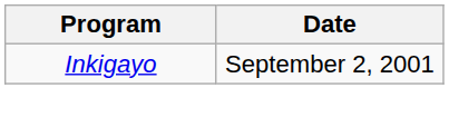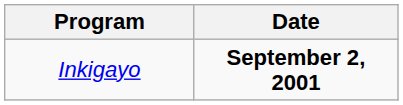 <table class="wikitable" style="text-align:center;">
 <tr>
 <th style="width:130px;">Program</th>
 <th style="width:140px;">Date</th>
 </tr>
 <tr>
 <td><em><a href='#'>Inkigayo</a></em></td>
-<td align="center">September 2, 2001</td>
+<td align="center"><strong>September 2, 2001</strong></td>
 </tr>
 </table>
